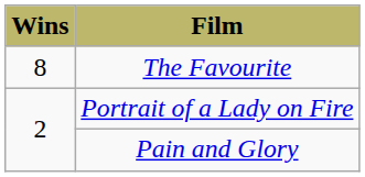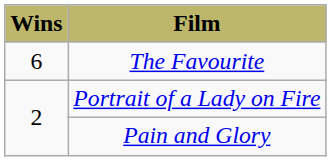 <table class="wikitable" style="text-align:center;">
 <tr>
 <th style="background:#BDB76B;">Wins</th>
 <th style="background:#BDB76B;">Film</th>
 </tr>
 <tr>
-<td>8</td>
+<td>6</td>
 <td><em><a href='#'>The Favourite</a></em></td>
 </tr>
 <tr>
 <td rowspan="2">2</td>
 <td><em><a href='#'>Portrait of a Lady on Fire</a></em></td>
 </tr>
 <tr>
 <td><em><a href='#'>Pain and Glory</a></em></td>
 </tr>
 </table>
